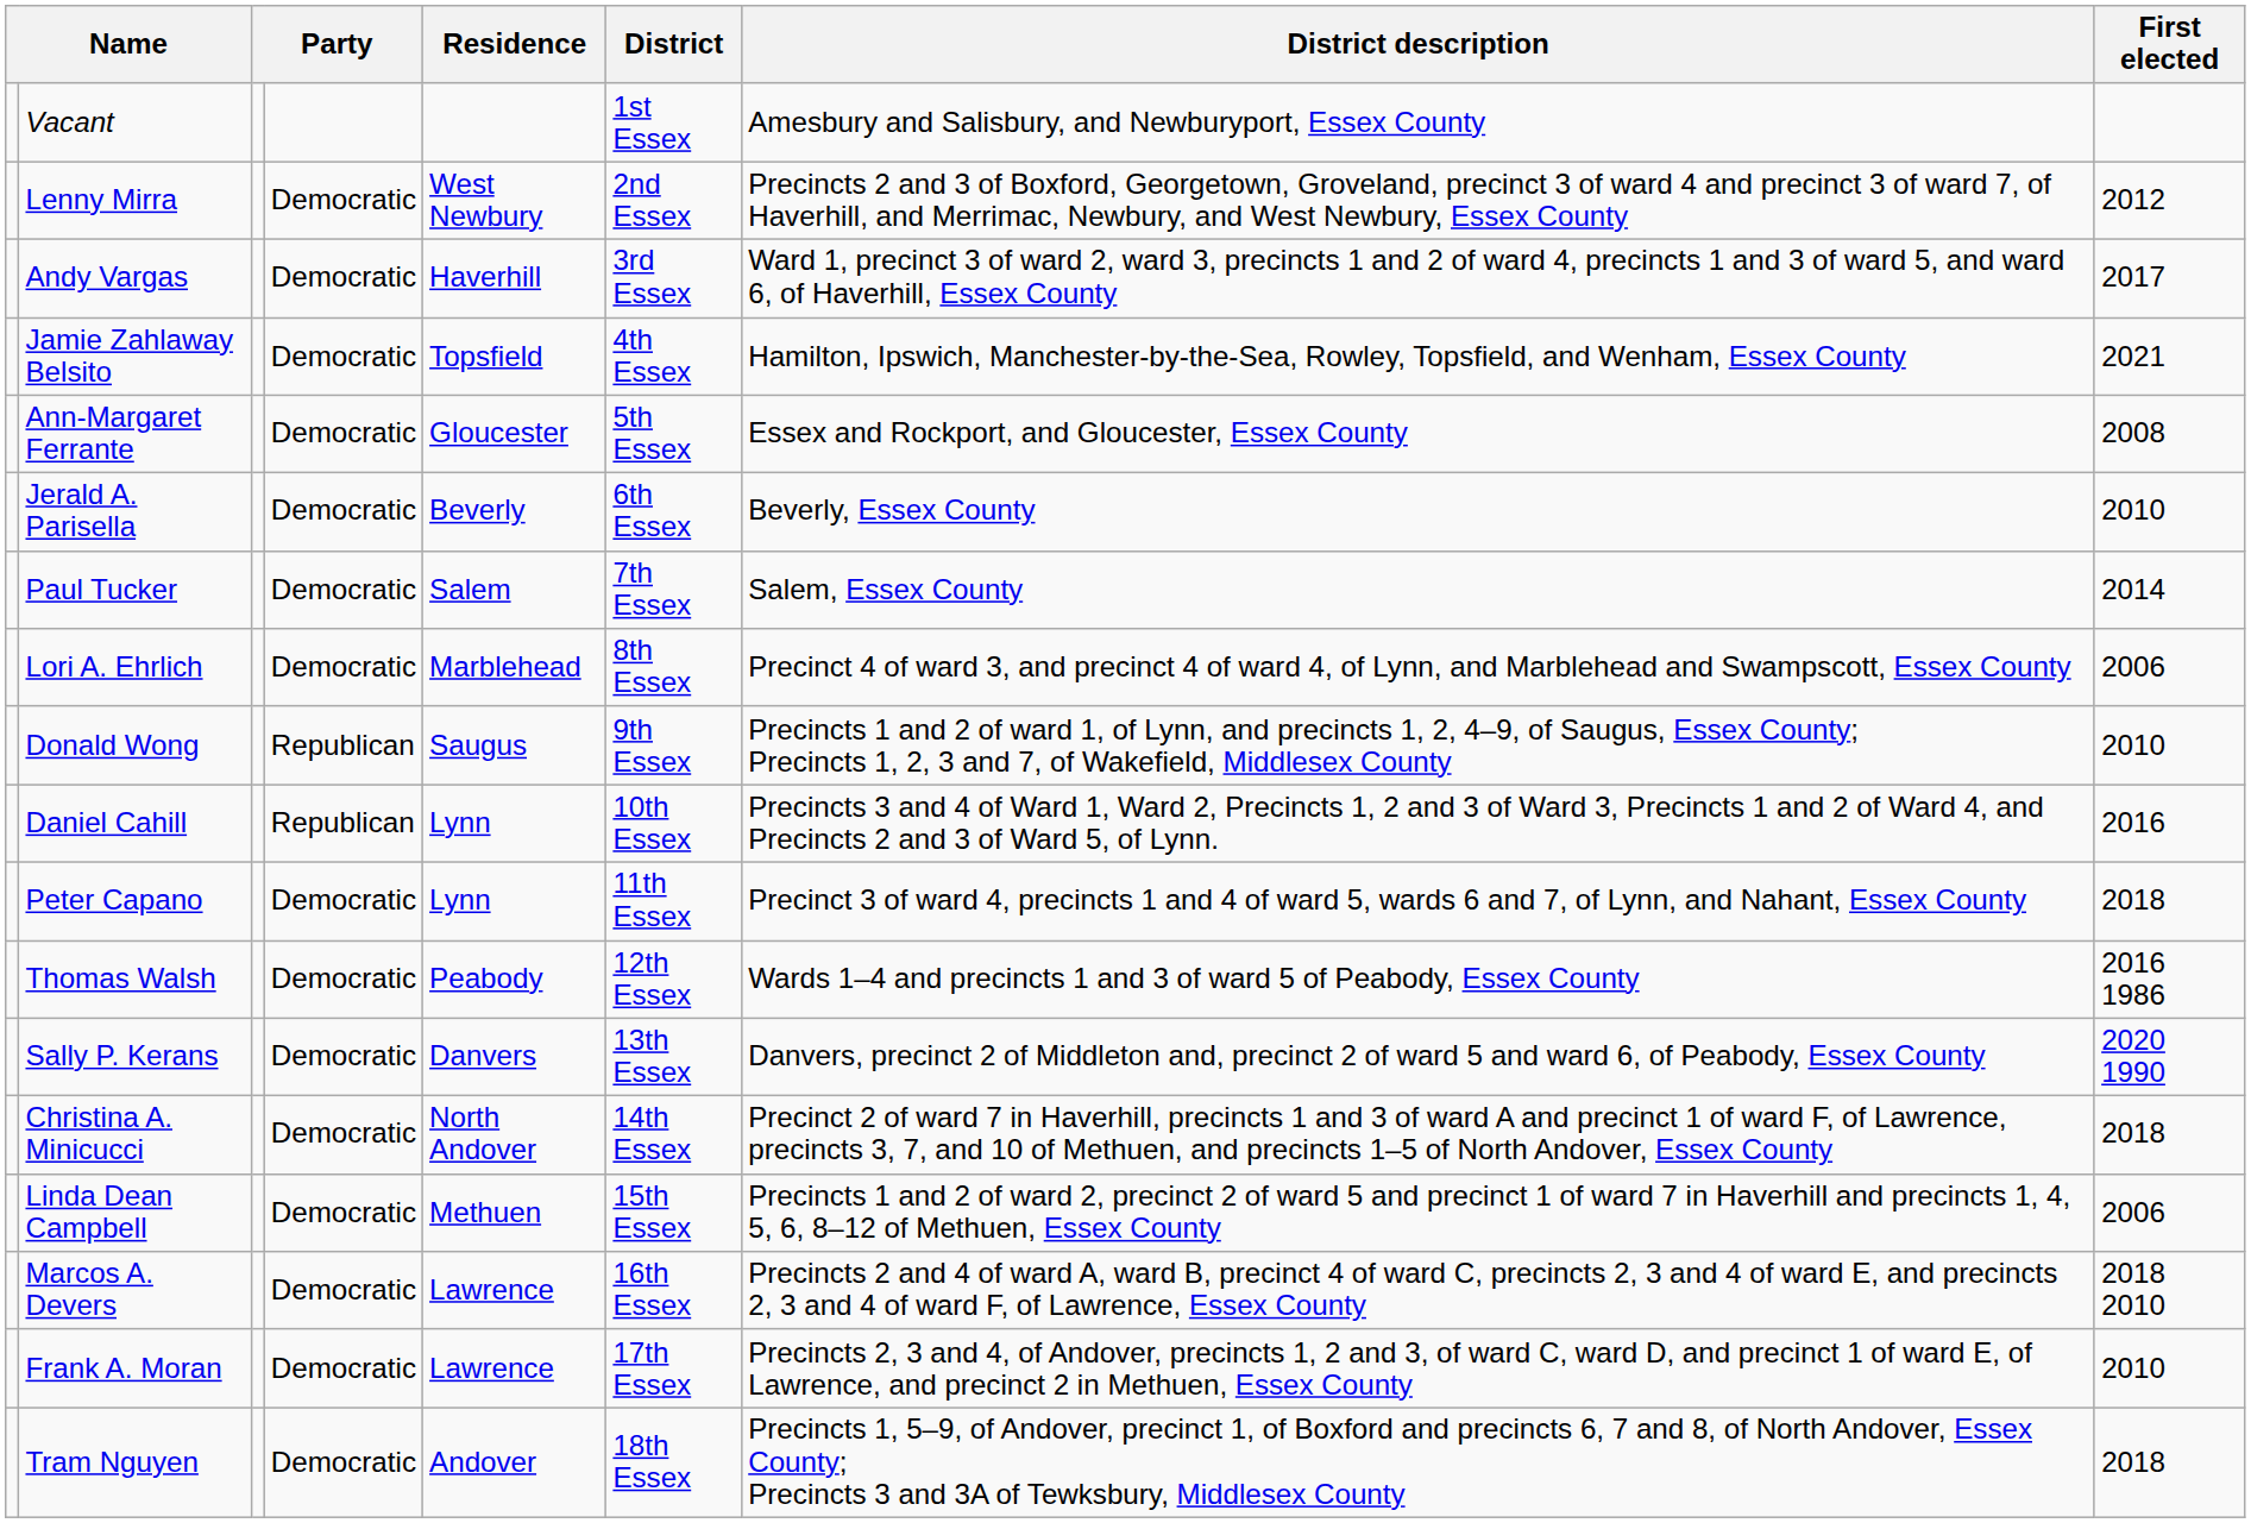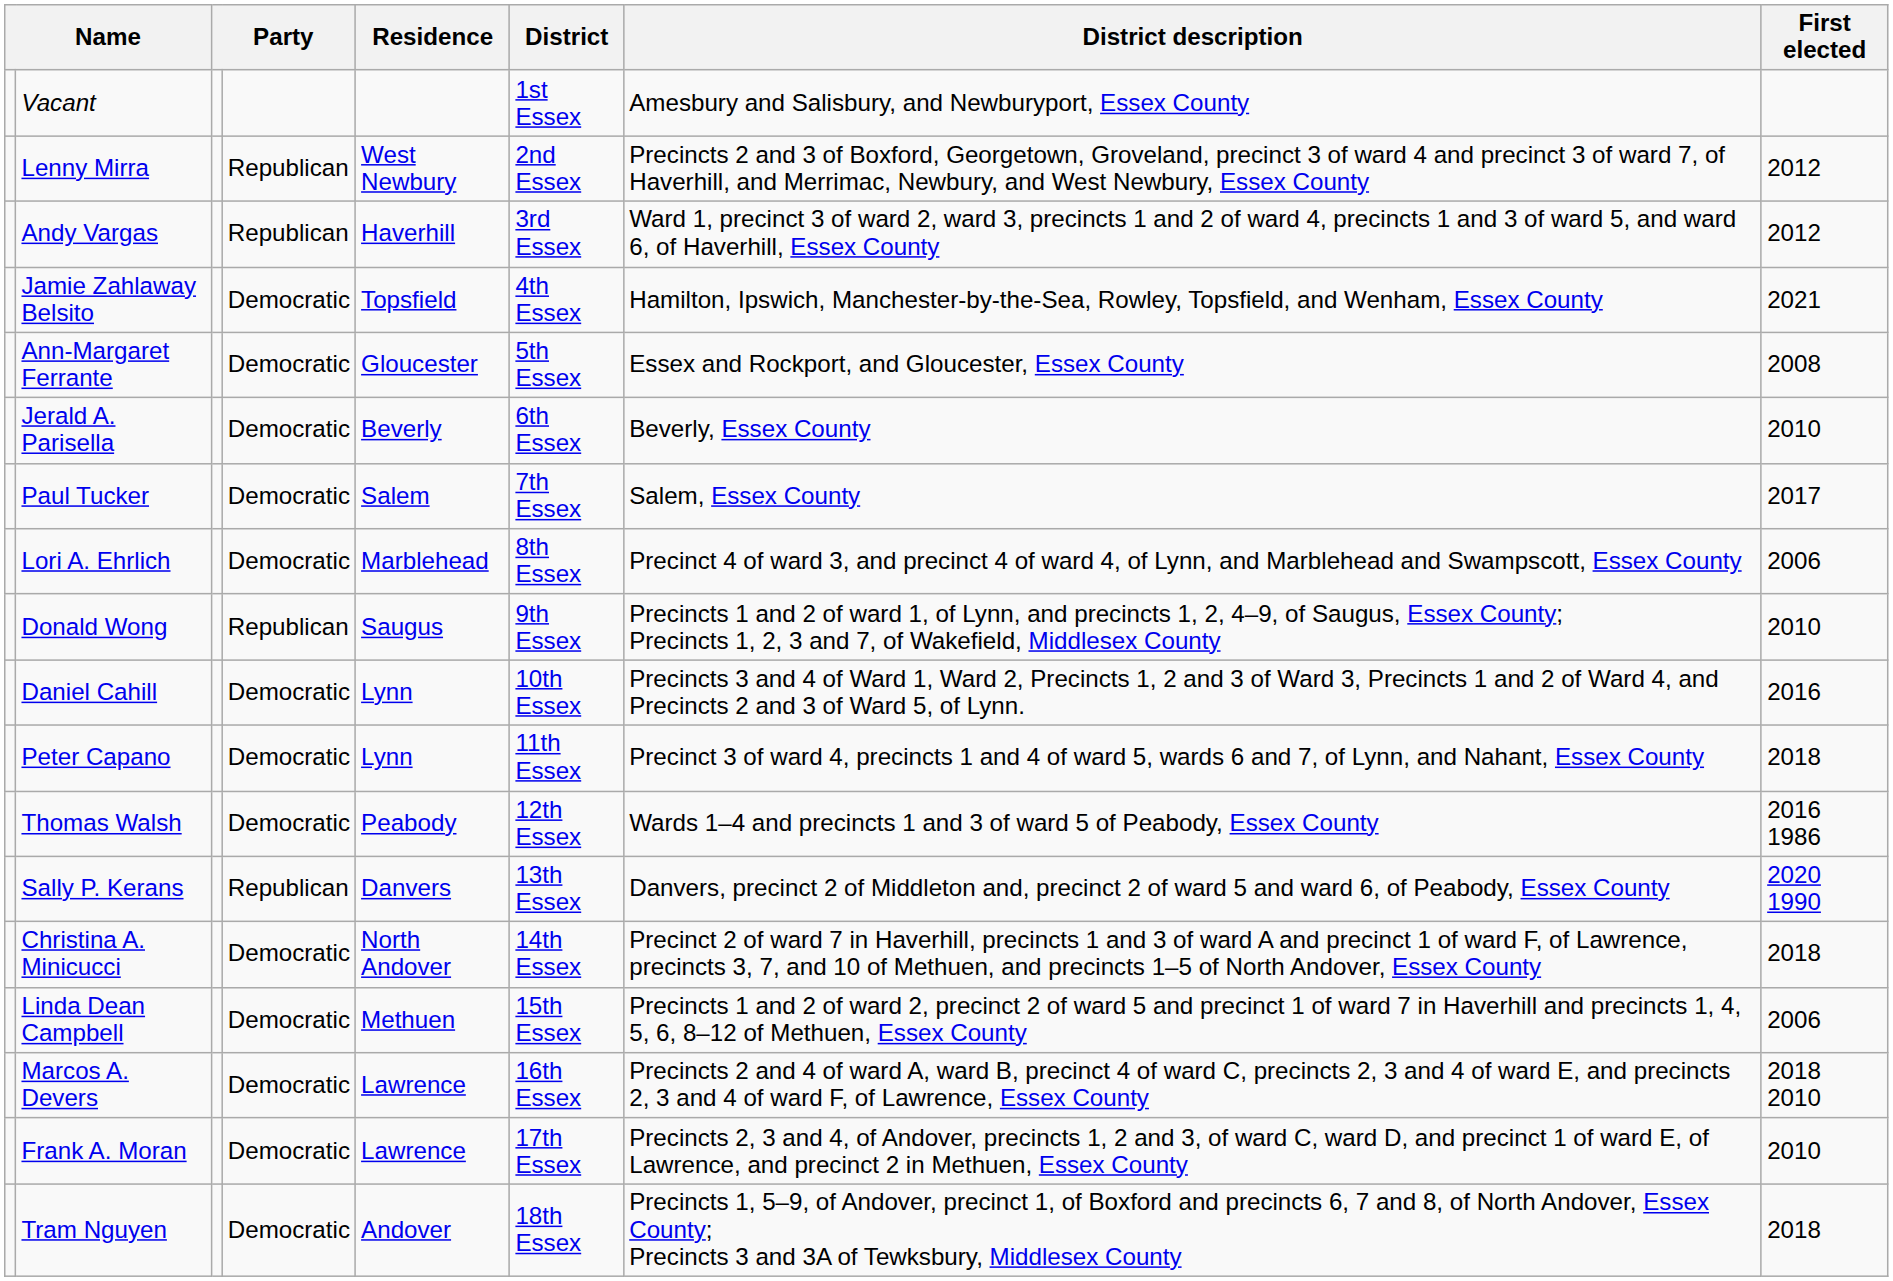 <table class="wikitable sortable" style="text-align:left;">
 <tr>
 <th colspan="2">Name</th>
 <th colspan=2>Party</th>
 <th>Residence</th>
 <th>District</th>
 <th>District description</th>
 <th>First elected</th>
 </tr>
 <tr>
 <td></td>
 <td><em>Vacant</em></td>
 <td></td>
 <td></td>
 <td></td>
 <td><a href='#'>1st Essex</a></td>
 <td>Amesbury and Salisbury, and Newburyport, <a href='#'>Essex County</a></td>
 <td></td>
 </tr>
 <tr>
 <td></td>
 <td><a href='#'>Lenny Mirra</a></td>
 <td style="background-color:"></td>
-<td>Democratic</td>
+<td>Republican</td>
 <td><a href='#'>West Newbury</a></td>
 <td><a href='#'>2nd Essex</a></td>
 <td>Precincts 2 and 3 of Boxford, Georgetown, Groveland, precinct 3 of ward 4 and precinct 3 of ward 7, of Haverhill, and Merrimac, Newbury, and West Newbury, <a href='#'>Essex County</a></td>
 <td>2012</td>
 </tr>
 <tr>
 <td></td>
 <td><a href='#'>Andy Vargas</a></td>
 <td style="background-color:"></td>
-<td>Democratic</td>
+<td>Republican</td>
 <td><a href='#'>Haverhill</a></td>
 <td><a href='#'>3rd Essex</a></td>
 <td>Ward 1, precinct 3 of ward 2, ward 3, precincts 1 and 2 of ward 4, precincts 1 and 3 of ward 5, and ward 6, of Haverhill, <a href='#'>Essex County</a></td>
-<td>2017</td>
+<td>2012</td>
 </tr>
 <tr>
 <td></td>
 <td><a href='#'>Jamie Zahlaway Belsito</a></td>
 <td style="background-color:"></td>
 <td>Democratic</td>
 <td><a href='#'>Topsfield</a></td>
 <td><a href='#'>4th Essex</a></td>
 <td>Hamilton, Ipswich, Manchester-by-the-Sea, Rowley, Topsfield, and Wenham, <a href='#'>Essex County</a></td>
 <td>2021</td>
 </tr>
 <tr>
 <td></td>
 <td><a href='#'>Ann-Margaret Ferrante</a></td>
 <td style="background-color:"></td>
 <td>Democratic</td>
 <td><a href='#'>Gloucester</a></td>
 <td><a href='#'>5th Essex</a></td>
 <td>Essex and Rockport, and Gloucester, <a href='#'>Essex County</a></td>
 <td>2008</td>
 </tr>
 <tr>
 <td></td>
 <td><a href='#'>Jerald A. Parisella</a></td>
 <td style="background-color:"></td>
 <td>Democratic</td>
 <td><a href='#'>Beverly</a></td>
 <td><a href='#'>6th Essex</a></td>
 <td>Beverly, <a href='#'>Essex County</a></td>
 <td>2010</td>
 </tr>
 <tr>
 <td></td>
 <td><a href='#'>Paul Tucker</a></td>
 <td style="background-color:"></td>
 <td>Democratic</td>
 <td><a href='#'>Salem</a></td>
 <td><a href='#'>7th Essex</a></td>
 <td>Salem, <a href='#'>Essex County</a></td>
-<td>2014</td>
+<td>2017</td>
 </tr>
 <tr>
 <td></td>
 <td><a href='#'>Lori A. Ehrlich</a></td>
 <td style="background-color:"></td>
 <td>Democratic</td>
 <td><a href='#'>Marblehead</a></td>
 <td><a href='#'>8th Essex</a></td>
 <td>Precinct 4 of ward 3, and precinct 4 of ward 4, of Lynn, and Marblehead and Swampscott, <a href='#'>Essex County</a></td>
 <td>2006</td>
 </tr>
 <tr>
 <td></td>
 <td><a href='#'>Donald Wong</a></td>
 <td style="background-color:"></td>
 <td>Republican</td>
 <td><a href='#'>Saugus</a></td>
 <td><a href='#'>9th Essex</a></td>
 <td>Precincts 1 and 2 of ward 1, of Lynn, and precincts 1, 2, 4–9, of Saugus, <a href='#'>Essex County</a>;<br>Precincts 1, 2, 3 and 7, of Wakefield, <a href='#'>Middlesex County</a></td>
 <td>2010</td>
 </tr>
 <tr>
 <td></td>
 <td><a href='#'>Daniel Cahill</a></td>
 <td style="background-color:"></td>
-<td>Republican</td>
+<td>Democratic</td>
 <td><a href='#'>Lynn</a></td>
 <td><a href='#'>10th Essex</a></td>
 <td>Precincts 3 and 4 of Ward 1, Ward 2, Precincts 1, 2 and 3 of Ward 3, Precincts 1 and 2 of Ward 4, and Precincts 2 and 3 of Ward 5, of Lynn.</td>
 <td>2016</td>
 </tr>
 <tr>
 <td></td>
 <td><a href='#'>Peter Capano</a></td>
 <td style="background-color:"></td>
 <td>Democratic</td>
 <td><a href='#'>Lynn</a></td>
 <td><a href='#'>11th Essex</a></td>
 <td>Precinct 3 of ward 4, precincts 1 and 4 of ward 5, wards 6 and 7, of Lynn, and Nahant, <a href='#'>Essex County</a></td>
 <td>2018</td>
 </tr>
 <tr>
 <td></td>
 <td><a href='#'>Thomas Walsh</a></td>
 <td style="background-color:"></td>
 <td>Democratic</td>
 <td><a href='#'>Peabody</a></td>
 <td><a href='#'>12th Essex</a></td>
 <td>Wards 1–4 and precincts 1 and 3 of ward 5 of Peabody, <a href='#'>Essex County</a></td>
 <td>2016<br>1986</td>
 </tr>
 <tr>
 <td></td>
 <td><a href='#'>Sally P. Kerans</a></td>
 <td style="background-color:"></td>
-<td>Democratic</td>
+<td>Republican</td>
 <td><a href='#'>Danvers</a></td>
 <td><a href='#'>13th Essex</a></td>
 <td>Danvers, precinct 2 of Middleton and, precinct 2 of ward 5 and ward 6, of Peabody, <a href='#'>Essex County</a></td>
 <td><a href='#'>2020</a><br><a href='#'>1990</a></td>
 </tr>
 <tr>
 <td></td>
 <td><a href='#'>Christina A. Minicucci</a></td>
 <td style="background-color:"></td>
 <td>Democratic</td>
 <td><a href='#'>North Andover</a></td>
 <td><a href='#'>14th Essex</a></td>
 <td>Precinct 2 of ward 7 in Haverhill, precincts 1 and 3 of ward A and precinct 1 of ward F, of Lawrence, precincts 3, 7, and 10 of Methuen, and precincts 1–5 of North Andover, <a href='#'>Essex County</a></td>
 <td>2018</td>
 </tr>
 <tr>
 <td></td>
 <td><a href='#'>Linda Dean Campbell</a></td>
 <td style="background-color:"></td>
 <td>Democratic</td>
 <td><a href='#'>Methuen</a></td>
 <td><a href='#'>15th Essex</a></td>
 <td>Precincts 1 and 2 of ward 2, precinct 2 of ward 5 and precinct 1 of ward 7 in Haverhill and precincts 1, 4, 5, 6, 8–12 of Methuen, <a href='#'>Essex County</a></td>
 <td>2006</td>
 </tr>
 <tr>
 <td></td>
 <td><a href='#'>Marcos A. Devers</a></td>
 <td style="background-color:"></td>
 <td>Democratic</td>
 <td><a href='#'>Lawrence</a></td>
 <td><a href='#'>16th Essex</a></td>
 <td>Precincts 2 and 4 of ward A, ward B, precinct 4 of ward C, precincts 2, 3 and 4 of ward E, and precincts 2, 3 and 4 of ward F, of Lawrence, <a href='#'>Essex County</a></td>
 <td>2018<br>2010</td>
 </tr>
 <tr>
 <td></td>
 <td><a href='#'>Frank A. Moran</a></td>
 <td style="background-color:"></td>
 <td>Democratic</td>
 <td><a href='#'>Lawrence</a></td>
 <td><a href='#'>17th Essex</a></td>
 <td>Precincts 2, 3 and 4, of Andover, precincts 1, 2 and 3, of ward C, ward D, and precinct 1 of ward E, of Lawrence, and precinct 2 in Methuen, <a href='#'>Essex County</a></td>
 <td>2010</td>
 </tr>
 <tr>
 <td></td>
 <td><a href='#'>Tram Nguyen</a></td>
 <td style="background-color:"></td>
 <td>Democratic</td>
 <td><a href='#'>Andover</a></td>
 <td><a href='#'>18th Essex</a></td>
 <td>Precincts 1, 5–9, of Andover, precinct 1, of Boxford and precincts 6, 7 and 8, of North Andover, <a href='#'>Essex County</a>;<br>Precincts 3 and 3A of Tewksbury, <a href='#'>Middlesex County</a></td>
 <td>2018</td>
 </tr>
 </table>
